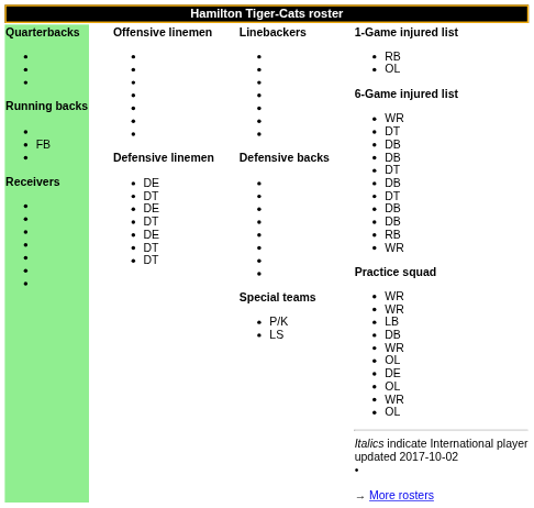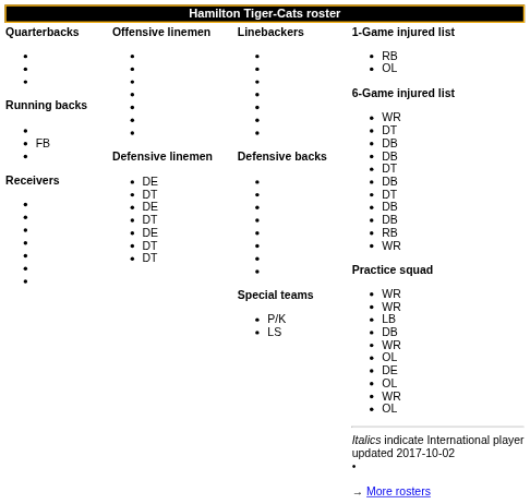 <table class="toccolours" style="text-align: left;">
 <tr>
 <th colspan="7" style="background-color: black; color:white; border:2px solid #FFB60F;text-align:center;">Hamilton Tiger-Cats roster</th>
 </tr>
 <tr>
-<td style="background: lightgreen; font-size: 95%;vertical-align:top;"><strong>Quarterbacks</strong><br><ul><li></li><li></li><li></li></ul><strong>Running backs</strong><ul><li></li><li> FB</li><li></li></ul><strong>Receivers</strong><ul><li></li><li></li><li></li><li></li><li></li><li></li><li></li></ul></td>
+<td style="font-size: 95%;vertical-align:top;"><strong>Quarterbacks</strong><br><ul><li></li><li></li><li></li></ul><strong>Running backs</strong><ul><li></li><li> FB</li><li></li></ul><strong>Receivers</strong><ul><li></li><li></li><li></li><li></li><li></li><li></li><li></li></ul></td>
 <td style="width: 25px;"></td>
 <td style="font-size: 95%;vertical-align:top;"><strong>Offensive linemen</strong><br><ul><li></li><li></li><li></li><li></li><li></li><li></li><li></li></ul><strong>Defensive linemen</strong><ul><li> DE</li><li> DT</li><li> DE</li><li> DT</li><li> DE</li><li> DT</li><li> DT</li></ul></td>
 <td style="width: 25px;"></td>
 <td style="font-size: 95%;vertical-align:top;"><strong>Linebackers</strong><br><ul><li></li><li></li><li></li><li></li><li></li><li></li><li></li></ul><strong>Defensive backs</strong><ul><li></li><li></li><li></li><li></li><li></li><li></li><li></li><li></li></ul><strong>Special teams</strong><ul><li> P/K</li><li> LS</li></ul></td>
 <td style="width: 25px;"></td>
 <td style="font-size: 95%;vertical-align:top;"><strong>1-Game injured list</strong><br><ul><li> RB</li><li> OL</li></ul><strong>6-Game injured list</strong><ul><li> WR</li><li> DT</li><li> DB</li><li> DB</li><li> DT</li><li> DB</li><li> DT</li><li> DB</li><li> DB</li><li> RB</li><li> WR</li></ul><strong>Practice squad</strong><ul><li> WR</li><li> WR</li><li> LB</li><li> DB</li><li> WR</li><li> OL</li><li> DE</li><li> OL</li><li> WR</li><li> OL</li></ul><hr> <em>Italics</em> indicate International player<br> <span></span> updated 2017-10-02<br> <span></span> • <span></span><br> <br>→ <a href='#'>More rosters</a></td>
 </tr>
 <tr>
 </tr>
 </table>
